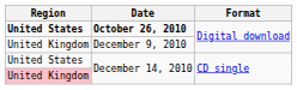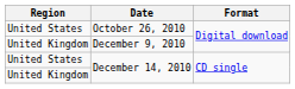 <table class="wikitable">
 <tr>
 <th>Region</th>
 <th>Date</th>
 <th>Format</th>
 </tr>
 <tr>
-<td><strong>United States</strong></td>
-<td><strong>October 26, 2010</strong></td>
+<td>United States</td>
+<td>October 26, 2010</td>
 <td rowspan="2"><a href='#'>Digital download</a></td>
 </tr>
 <tr>
 <td>United Kingdom</td>
 <td>December 9, 2010</td>
 </tr>
 <tr>
 <td>United States</td>
 <td rowspan="2">December 14, 2010</td>
 <td rowspan="2"><a href='#'>CD single</a></td>
 </tr>
 <tr>
-<td style="background: pink;">United Kingdom</td>
+<td>United Kingdom</td>
 </tr>
 </table>
